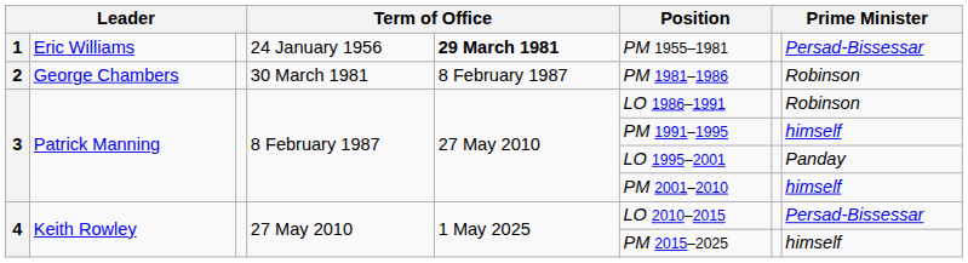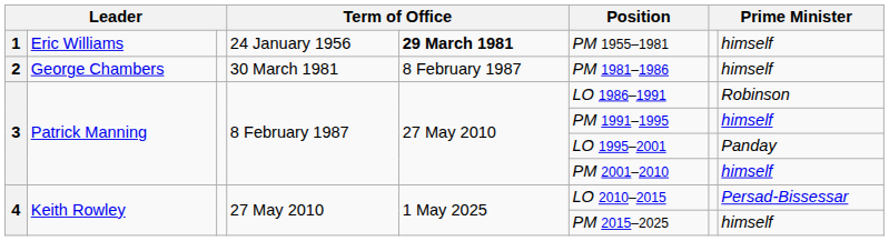 <table class="wikitable">
 <tr>
 <th colspan="3">Leader</th>
 <th colspan="2"style="width:120px;">Term of Office</th>
 <th>Position</th>
 <th colspan="2" style="width:20%;">Prime Minister</th>
 </tr>
 <tr>
 <th style="background-color: ">1</th>
 <td><a href='#'>Eric Williams</a></td>
 <td></td>
 <td>24 January 1956</td>
 <td><strong>29 March 1981</strong></td>
 <td><em>PM</em> <small>1955–1981</small></td>
 <td style="background-color: "></td>
-<td><em><a href='#'>Persad-Bissessar</a></em></td>
+<td><em>himself</em></td>
 </tr>
 <tr>
 <th style="background-color: ">2</th>
 <td><a href='#'>George Chambers</a></td>
 <td></td>
 <td>30 March 1981</td>
 <td>8 February 1987</td>
 <td><em>PM</em> <small><a href='#'>1981</a>–<a href='#'>1986</a></small></td>
 <td style="background-color: "></td>
-<td><em>Robinson</em></td>
+<td><em>himself</em></td>
 </tr>
 <tr>
 <th rowspan="4" style="background-color: ">3</th>
 <td rowspan="4"><a href='#'>Patrick Manning</a></td>
 <td rowspan="4"></td>
 <td rowspan="4">8 February 1987</td>
 <td rowspan="4">27 May 2010</td>
 <td><em>LO</em> <small><a href='#'>1986</a>–<a href='#'>1991</a></small></td>
 <td style="background-color: "></td>
 <td><em>Robinson</em></td>
 </tr>
 <tr>
 <td><em>PM</em> <small><a href='#'>1991</a>–<a href='#'>1995</a></small></td>
 <td style="background-color: "></td>
 <td><em><a href='#'>himself</a></em></td>
 </tr>
 <tr>
 <td><em>LO</em> <small><a href='#'>1995</a>–<a href='#'>2001</a></small></td>
 <td style="background-color: "></td>
 <td><em>Panday</em></td>
 </tr>
 <tr>
 <td><em>PM</em> <small><a href='#'>2001</a>–<a href='#'>2010</a></small></td>
 <td style="background-color: "></td>
 <td><em><a href='#'>himself</a></em></td>
 </tr>
 <tr>
 <th rowspan="2" style="background-color: ">4</th>
 <td rowspan="2"><a href='#'>Keith Rowley</a></td>
 <td rowspan="2"></td>
 <td rowspan="2">27 May 2010</td>
 <td rowspan="2">1 May 2025</td>
 <td><em>LO</em> <small><a href='#'>2010</a>–<a href='#'>2015</a></small></td>
 <td style="background-color: "></td>
 <td><em><a href='#'>Persad-Bissessar</a></em></td>
 </tr>
 <tr>
 <td><em>PM</em> <small><a href='#'>2015</a>–2025</small></td>
 <td style="background-color: "></td>
 <td><em>himself</em></td>
 </tr>
 </table>
